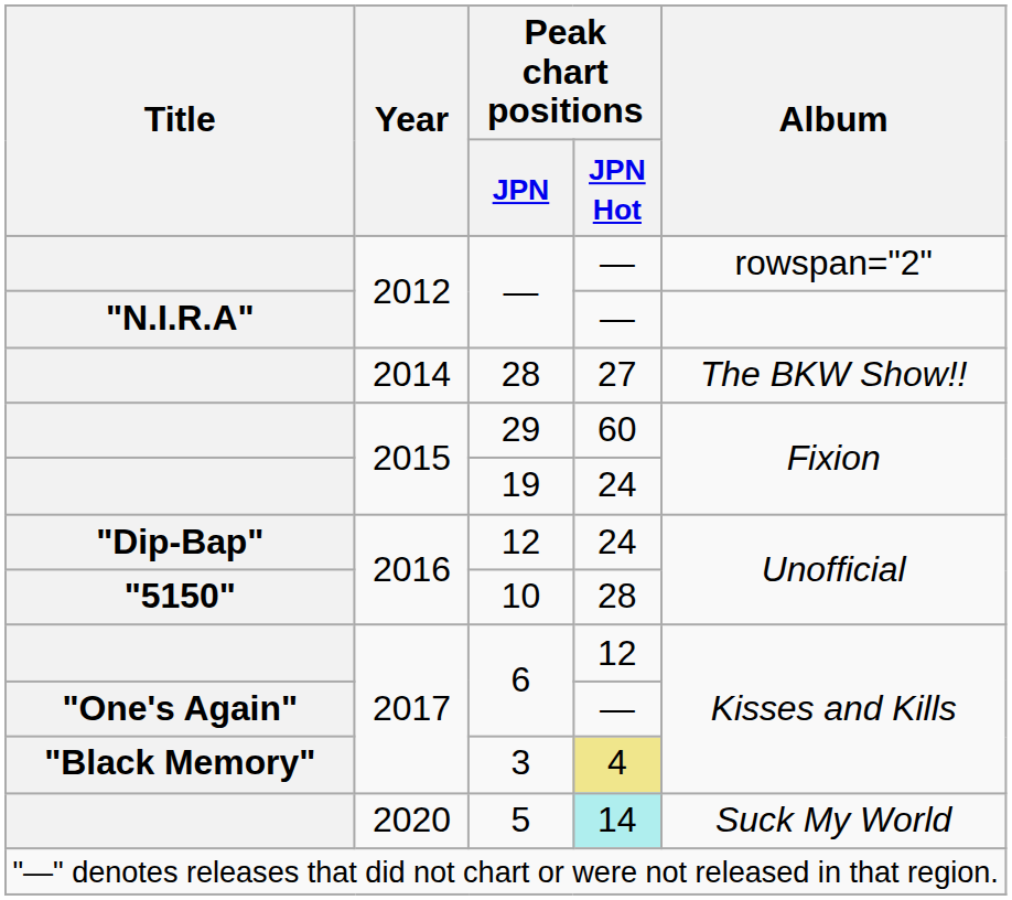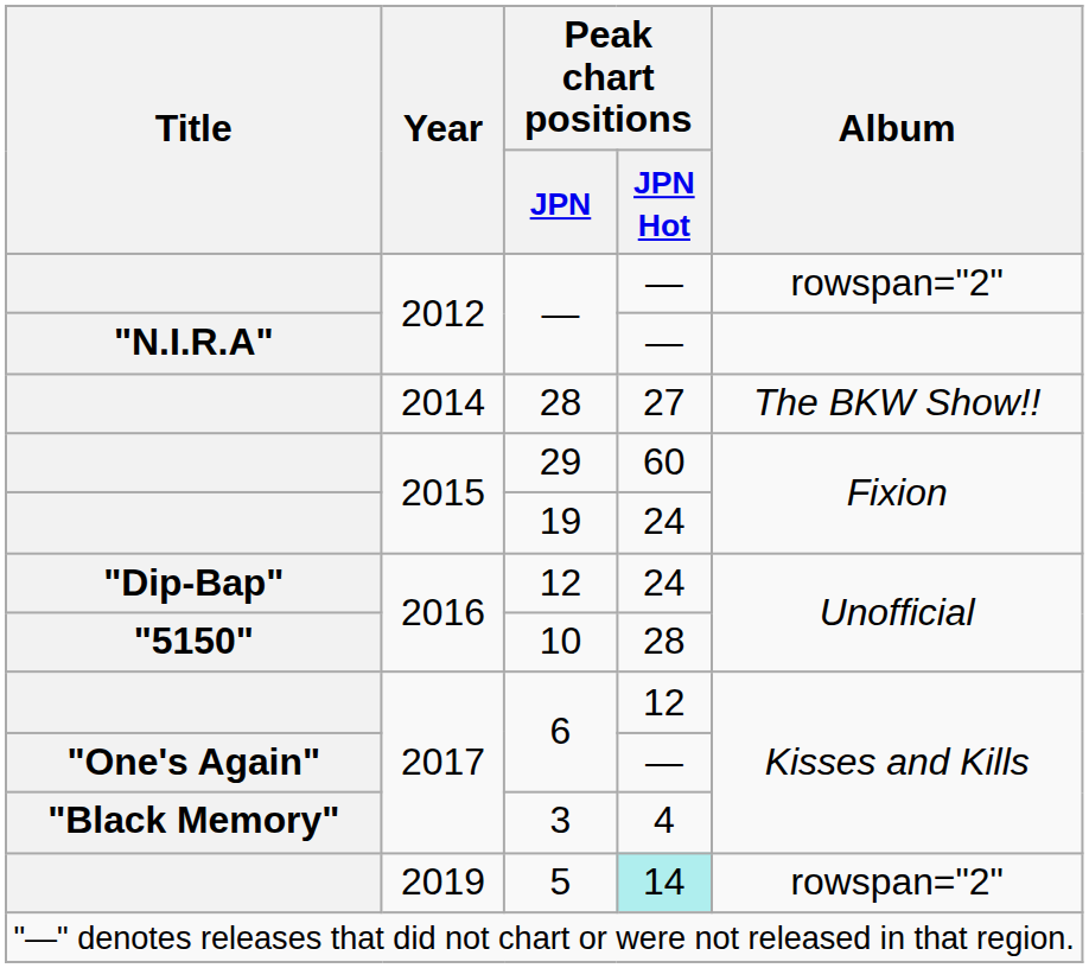 <table class="wikitable plainrowheaders" style="text-align:center;">
 <tr>
 <th scope="col" rowspan="2">Title</th>
 <th scope="col" rowspan="2">Year</th>
 <th scope="col" colspan="2">Peak <br> chart <br> positions</th>
 <th scope="col" rowspan="2">Album</th>
 </tr>
 <tr>
 <th scope="col" style="width:2.5em;"><small><a href='#'>JPN</a></small><br></th>
 <th scope="col"><small><a href='#'>JPN<br>Hot</a></small><br></th>
 </tr>
 <tr>
 <th scope="row"></th>
 <td rowspan="2">2012</td>
 <td rowspan="2">—</td>
 <td>—</td>
 <td>rowspan="2" </td>
 </tr>
 <tr>
 <th scope="row">"N.I.R.A"</th>
 <td>—</td>
 </tr>
 <tr>
 <th scope="row"></th>
 <td>2014</td>
 <td>28</td>
 <td>27</td>
 <td><em>The BKW Show!!</em></td>
 </tr>
 <tr>
 <th scope="row"></th>
 <td rowspan="2">2015</td>
 <td>29</td>
 <td>60</td>
 <td rowspan="2"><em>Fixion</em></td>
 </tr>
 <tr>
 <th scope="row"></th>
 <td>19</td>
 <td>24</td>
 </tr>
 <tr>
 <th scope="row">"Dip-Bap"</th>
 <td rowspan="2">2016</td>
 <td>12</td>
 <td>24</td>
 <td rowspan="2"><em>Unofficial</em></td>
 </tr>
 <tr>
 <th scope="row">"5150"</th>
 <td>10</td>
 <td>28</td>
 </tr>
 <tr>
 <th scope="row"></th>
 <td rowspan="3">2017</td>
 <td rowspan="2">6</td>
 <td>12</td>
 <td rowspan="3"><em>Kisses and Kills</em></td>
 </tr>
 <tr>
 <th scope="row">"One's Again"</th>
 <td>—</td>
 </tr>
 <tr>
 <th scope="row">"Black Memory"</th>
 <td>3</td>
-<td style="background: khaki;">4</td>
+<td>4</td>
 </tr>
 <tr>
 <th scope="row"></th>
-<td>2020</td>
+<td>2019</td>
 <td>5</td>
 <td style="background: paleturquoise;">14</td>
-<td><em>Suck My World</em></td>
+<td>rowspan="2" </td>
 </tr>
 <tr>
 <td colspan="5" style="font-size:85%">"—" denotes releases that did not chart or were not released in that region.</td>
 </tr>
 </table>
